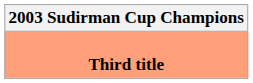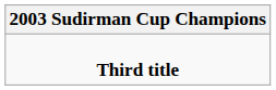 <table class=wikitable style="text-align:center; margin:auto">
 <tr>
 <th>2003 Sudirman Cup Champions</th>
 </tr>
 <tr>
-<td style="background: lightsalmon;"><strong></strong> <br> <strong>Third title</strong></td>
+<td><strong></strong> <br> <strong>Third title</strong></td>
 </tr>
 </table>
